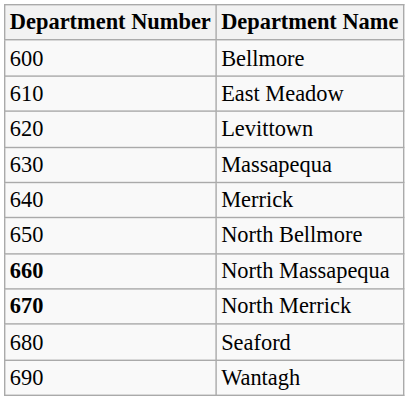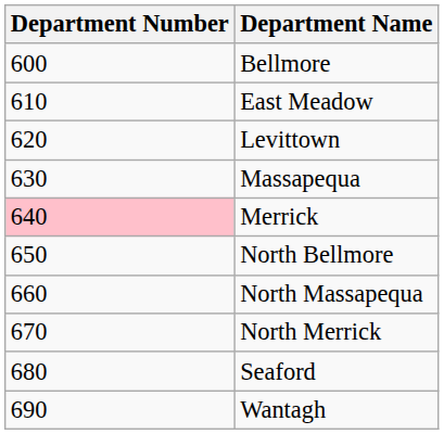 <table class="wikitable mw-collapsible">
 <tr valign="bottom">
 <th>Department Number</th>
 <th>Department Name</th>
 </tr>
 <tr>
 <td>600</td>
 <td>Bellmore</td>
 </tr>
 <tr>
 <td>610</td>
 <td>East Meadow</td>
 </tr>
 <tr>
 <td>620</td>
 <td>Levittown</td>
 </tr>
 <tr>
 <td>630</td>
 <td>Massapequa</td>
 </tr>
 <tr>
-<td>640</td>
+<td style="background: pink;">640</td>
 <td>Merrick</td>
 </tr>
 <tr>
 <td>650</td>
 <td>North Bellmore</td>
 </tr>
 <tr>
-<td><strong>660</strong></td>
+<td>660</td>
 <td>North Massapequa</td>
 </tr>
 <tr>
-<td><strong>670</strong></td>
+<td>670</td>
 <td>North Merrick</td>
 </tr>
 <tr>
 <td>680</td>
 <td>Seaford</td>
 </tr>
 <tr>
 <td>690</td>
 <td>Wantagh</td>
 </tr>
 </table>
